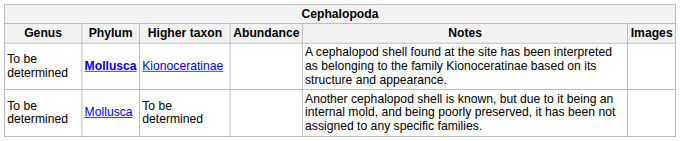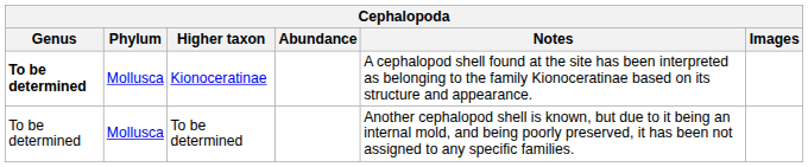 <table class="wikitable sortable" style="background:white; width:100%;">
 <tr>
 <th colspan="7" align="center">Cephalopoda</th>
 </tr>
 <tr>
 <th>Genus</th>
 <th>Phylum</th>
 <th>Higher taxon</th>
 <th>Abundance</th>
 <th>Notes</th>
 <th>Images</th>
 </tr>
 <tr>
-<td>To be determined</td>
-<td><strong><a href='#'>Mollusca</a></strong></td>
+<td><strong>To be determined</strong></td>
+<td><a href='#'>Mollusca</a></td>
 <td><a href='#'>Kionoceratinae</a></td>
 <td></td>
 <td>A cephalopod shell found at the site has been interpreted as belonging to the family Kionoceratinae based on its structure and appearance.</td>
 <td></td>
 </tr>
 <tr>
 <td>To be determined</td>
 <td><a href='#'>Mollusca</a></td>
 <td>To be determined</td>
 <td></td>
 <td>Another cephalopod shell is known, but due to it being an internal mold, and being poorly preserved, it has been not assigned to any specific families.</td>
 <td></td>
 </tr>
 </table>
